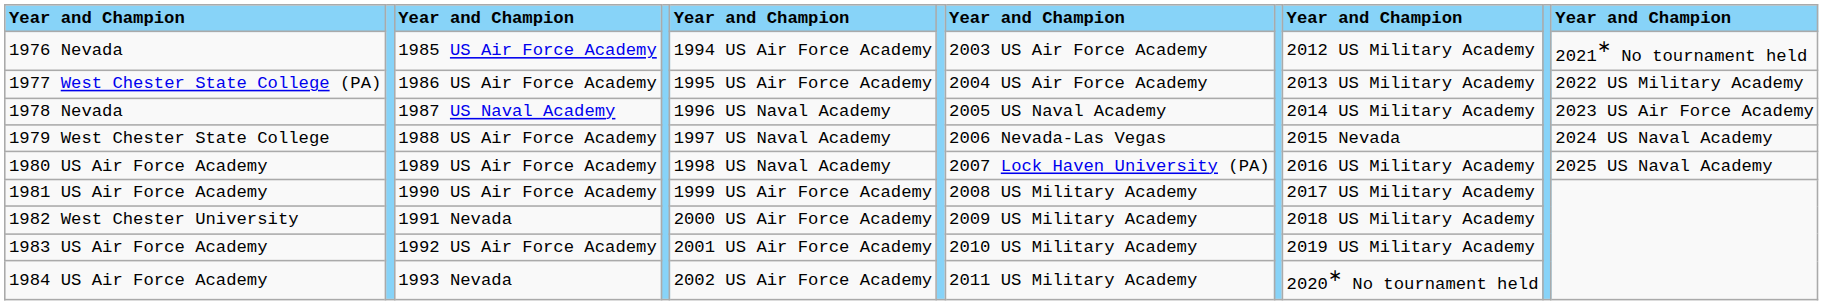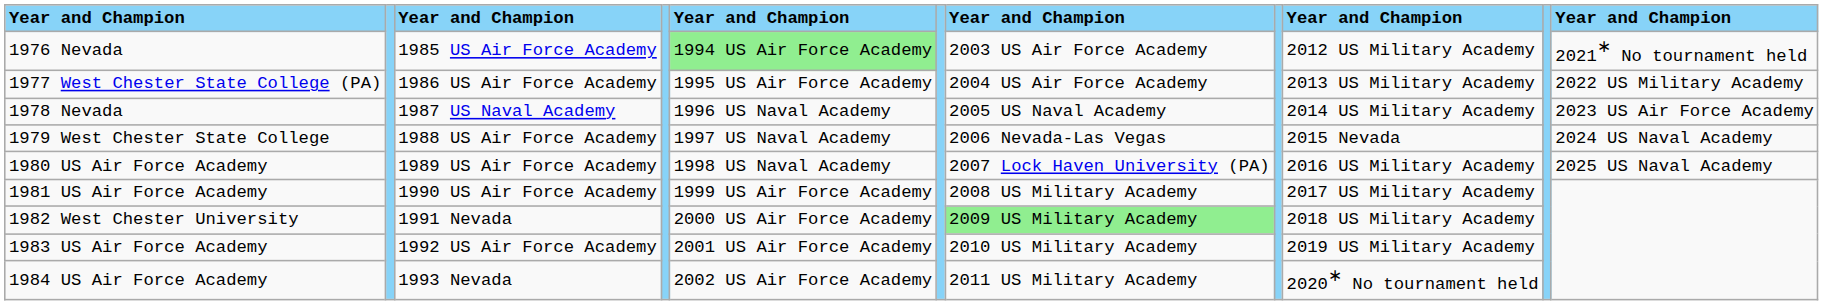 <table class="wikitable" style="font-size:85%;">
 <tr ! style="background-color: #87D3F8;">
 <td><strong>Year and Champion</strong></td>
 <td rowspan=10></td>
 <td><strong>Year and Champion</strong></td>
 <td rowspan=10></td>
 <td><strong>Year and Champion</strong></td>
 <td rowspan=10></td>
 <td><strong>Year and Champion</strong></td>
 <td rowspan=10></td>
 <td><strong>Year and Champion</strong></td>
 <td rowspan=10></td>
 <td><strong>Year and Champion</strong></td>
 </tr>
 <tr --->
 <td>1976 Nevada</td>
 <td>1985 <a href='#'>US Air Force Academy</a></td>
-<td>1994 US Air Force Academy</td>
+<td style="background: lightgreen;">1994 US Air Force Academy</td>
 <td>2003 US Air Force Academy</td>
 <td>2012 US Military Academy</td>
 <td>2021<big><sup>∗</sup></big> No tournament held</td>
 </tr>
 <tr --->
 <td>1977 <a href='#'>West Chester State College</a> (PA)</td>
 <td>1986 US Air Force Academy</td>
 <td>1995 US Air Force Academy</td>
 <td>2004 US Air Force Academy</td>
 <td>2013 US Military Academy</td>
 <td>2022 US Military Academy</td>
 </tr>
 <tr --->
 <td>1978 Nevada</td>
 <td>1987 <a href='#'>US Naval Academy</a></td>
 <td>1996 US Naval Academy</td>
 <td>2005 US Naval Academy</td>
 <td>2014 US Military Academy</td>
 <td>2023 US Air Force Academy</td>
 </tr>
 <tr --->
 <td>1979 West Chester State College</td>
 <td>1988 US Air Force Academy</td>
 <td>1997 US Naval Academy</td>
 <td>2006 Nevada-Las Vegas</td>
 <td>2015 Nevada</td>
 <td>2024 US Naval Academy</td>
 </tr>
 <tr --->
 <td>1980 US Air Force Academy</td>
 <td>1989 US Air Force Academy</td>
 <td>1998 US Naval Academy</td>
 <td>2007 <a href='#'>Lock Haven University</a> (PA)</td>
 <td>2016 US Military Academy</td>
 <td>2025 US Naval Academy</td>
 </tr>
 <tr --->
 <td>1981 US Air Force Academy</td>
 <td>1990 US Air Force Academy</td>
 <td>1999 US Air Force Academy</td>
 <td>2008 US Military Academy</td>
 <td>2017 US Military Academy</td>
 </tr>
 <tr --->
 <td>1982 West Chester University</td>
 <td>1991 Nevada</td>
 <td>2000 US Air Force Academy</td>
-<td>2009 US Military Academy</td>
+<td style="background: lightgreen;">2009 US Military Academy</td>
 <td>2018 US Military Academy</td>
 </tr>
 <tr --->
 <td>1983 US Air Force Academy</td>
 <td>1992 US Air Force Academy</td>
 <td>2001 US Air Force Academy</td>
 <td>2010 US Military Academy</td>
 <td>2019 US Military Academy</td>
 </tr>
 <tr --->
 <td>1984 US Air Force Academy</td>
 <td>1993 Nevada</td>
 <td>2002 US Air Force Academy</td>
 <td>2011 US Military Academy</td>
 <td>2020<big><sup>∗</sup></big> No tournament held</td>
 </tr>
 </table>
